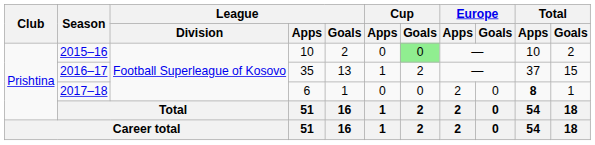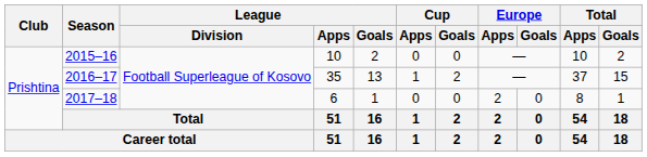 <table class="wikitable" style="text-align:center">
 <tr>
 <th rowspan="2">Club</th>
 <th rowspan="2">Season</th>
 <th colspan="3">League</th>
 <th colspan="2">Cup</th>
 <th colspan="2"><a href='#'>Europe</a></th>
 <th colspan="2">Total</th>
 </tr>
 <tr>
 <th>Division</th>
 <th>Apps</th>
 <th>Goals</th>
 <th>Apps</th>
 <th>Goals</th>
 <th>Apps</th>
 <th>Goals</th>
 <th>Apps</th>
 <th>Goals</th>
 </tr>
 <tr>
 <td rowspan="4" valign="center"><a href='#'>Prishtina</a></td>
 <td><a href='#'>2015–16</a></td>
 <td rowspan="3"><a href='#'>Football Superleague of Kosovo</a></td>
 <td>10</td>
 <td>2</td>
 <td>0</td>
-<td style="background: lightgreen;">0</td>
+<td>0</td>
 <td colspan="2">—</td>
 <td>10</td>
 <td>2</td>
 </tr>
 <tr>
 <td><a href='#'>2016–17</a></td>
 <td>35</td>
 <td>13</td>
 <td>1</td>
 <td>2</td>
 <td colspan="2">—</td>
 <td>37</td>
 <td>15</td>
 </tr>
 <tr>
 <td><a href='#'>2017–18</a></td>
 <td>6</td>
 <td>1</td>
 <td>0</td>
 <td>0</td>
 <td>2</td>
 <td>0</td>
-<td><strong>8</strong></td>
+<td>8</td>
 <td>1</td>
 </tr>
 <tr>
 <th colspan="2" valign="center">Total</th>
 <th>51</th>
 <th>16</th>
 <th>1</th>
 <th>2</th>
 <th>2</th>
 <th>0</th>
 <th>54</th>
 <th>18</th>
 </tr>
 <tr>
 <th colspan="3">Career total</th>
 <th>51</th>
 <th>16</th>
 <th>1</th>
 <th>2</th>
 <th>2</th>
 <th>0</th>
 <th>54</th>
 <th>18</th>
 </tr>
 </table>
